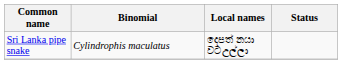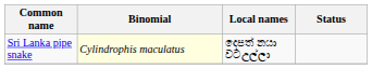 <table width=60% class="wikitable">
 <tr>
 <th width=20%>Common name</th>
 <th width=40%>Binomial</th>
 <th width=20%>Local names</th>
 <th width=20%>Status</th>
 </tr>
 <tr>
 <td><a href='#'>Sri Lanka pipe snake</a><br></td>
-<td><em>Cylindrophis maculatus</em></td>
+<td style="background: lightyellow;"><em>Cylindrophis maculatus</em></td>
 <td>දෙපත් නයා <br>වටඋල්ලා</td>
 <td></td>
 </tr>
 <tr>
 </tr>
 </table>
